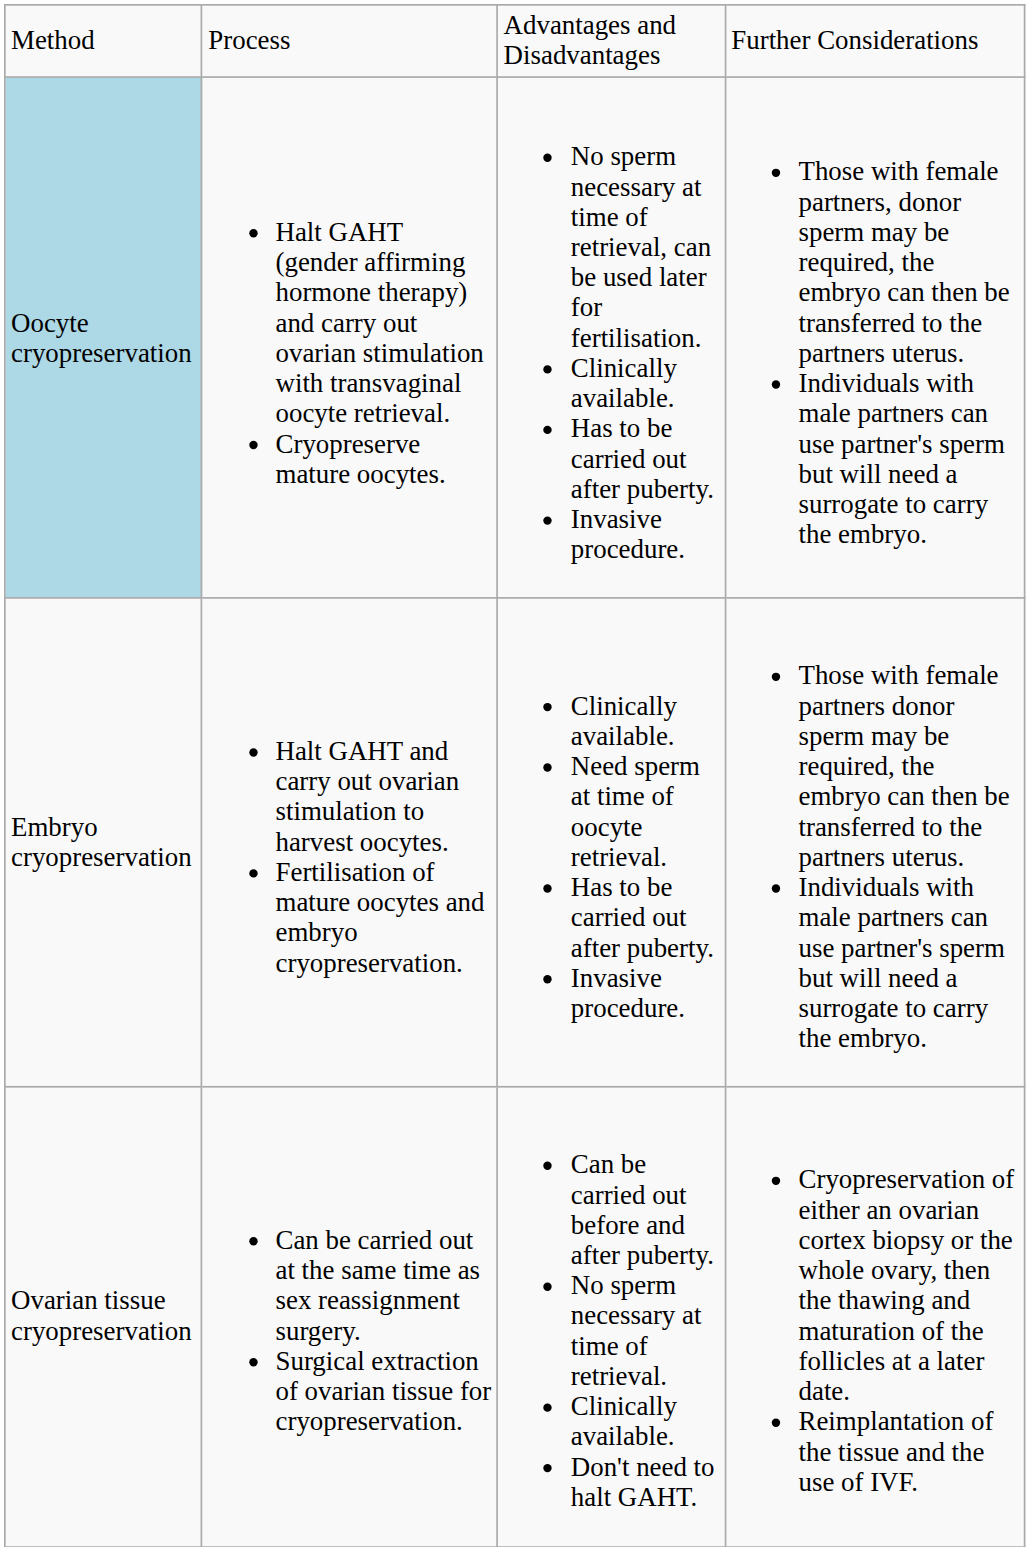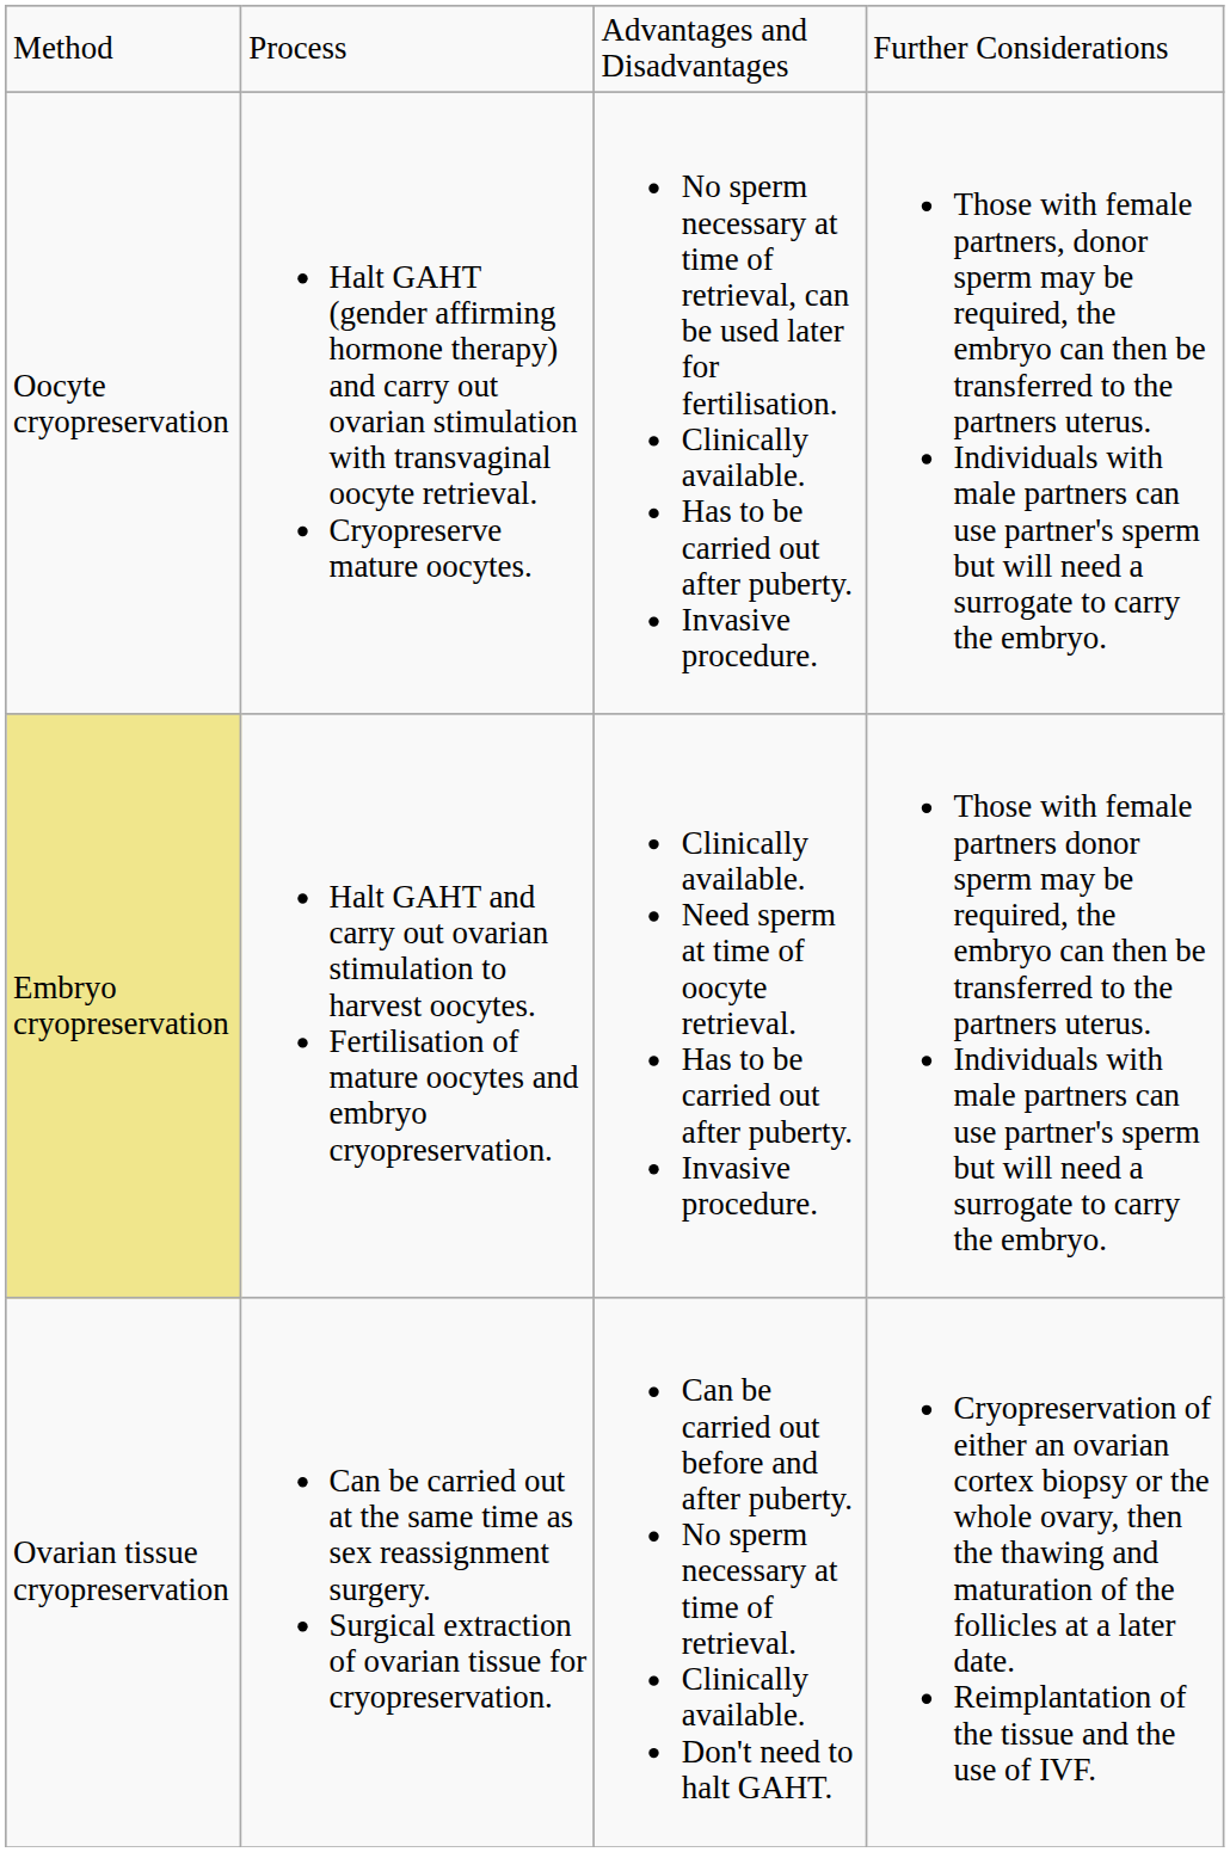 <table class="wikitable">
 <tr>
 <td>Method</td>
 <td>Process</td>
 <td>Advantages and Disadvantages</td>
 <td>Further Considerations</td>
 </tr>
 <tr>
-<td style="background: lightblue;">Oocyte cryopreservation</td>
+<td>Oocyte cryopreservation</td>
 <td><br><ul><li>Halt GAHT (gender affirming hormone therapy) and carry out ovarian stimulation with transvaginal oocyte retrieval.</li><li>Cryopreserve mature oocytes.</li></ul></td>
 <td><br><ul><li>No sperm necessary at time of retrieval, can be used later for fertilisation.</li><li>Clinically available.</li><li>Has to be carried out after puberty.</li><li>Invasive procedure.</li></ul></td>
 <td><br><ul><li>Those with female partners, donor sperm may be required, the embryo can then be transferred to the partners uterus.</li><li>Individuals with male partners can use partner's sperm but will need a surrogate to carry the embryo.</li></ul></td>
 </tr>
 <tr>
-<td>Embryo cryopreservation</td>
+<td style="background: khaki;">Embryo cryopreservation</td>
 <td><br><ul><li>Halt GAHT and carry out ovarian stimulation to harvest oocytes.</li><li>Fertilisation of mature oocytes and embryo cryopreservation.</li></ul></td>
 <td><br><ul><li>Clinically available.</li><li>Need sperm at time of oocyte retrieval.</li><li>Has to be carried out after puberty.</li><li>Invasive procedure.</li></ul></td>
 <td><br><ul><li>Those with female partners donor sperm may be required, the embryo can then be transferred to the partners uterus.</li><li>Individuals with male partners can use partner's sperm but will need a surrogate to carry the embryo.</li></ul></td>
 </tr>
 <tr>
 <td>Ovarian tissue cryopreservation</td>
 <td><br><ul><li>Can be carried out at the same time as sex reassignment surgery.</li><li>Surgical extraction of ovarian tissue for cryopreservation.</li></ul></td>
 <td><br><ul><li>Can be carried out before and after puberty.</li><li>No sperm necessary at time of retrieval.</li><li>Clinically available.</li><li>Don't need to halt GAHT.</li></ul></td>
 <td><br><ul><li>Cryopreservation of either an ovarian cortex biopsy or the whole ovary, then the thawing and maturation of the follicles at a later date.</li><li>Reimplantation of the tissue and the use of IVF.</li></ul></td>
 </tr>
 </table>
